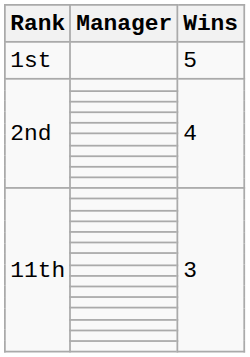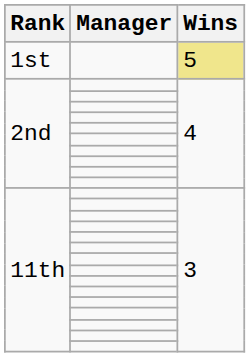 <table class="wikitable">
 <tr>
 <th>Rank</th>
 <th>Manager</th>
 <th>Wins</th>
 </tr>
 <tr>
 <td rowspan="1">1st</td>
 <td> </td>
-<td rowspan="1">5</td>
+<td rowspan="1" style="background: khaki;">5</td>
 </tr>
 <tr>
 <td rowspan="10">2nd</td>
 <td> </td>
 <td rowspan="10">4</td>
 </tr>
 <tr>
 <td> </td>
 </tr>
 <tr>
 <td> </td>
 </tr>
 <tr>
 <td> </td>
 </tr>
 <tr>
 <td> </td>
 </tr>
 <tr>
 <td> </td>
 </tr>
 <tr>
 <td> </td>
 </tr>
 <tr>
 <td> </td>
 </tr>
 <tr>
 <td> </td>
 </tr>
 <tr>
 <td> </td>
 </tr>
 <tr>
 <td rowspan="15">11th</td>
 <td> </td>
 <td rowspan="15">3</td>
 </tr>
 <tr>
 <td> </td>
 </tr>
 <tr>
 <td> </td>
 </tr>
 <tr>
 <td> </td>
 </tr>
 <tr>
 <td> </td>
 </tr>
 <tr>
 <td> </td>
 </tr>
 <tr>
 <td> </td>
 </tr>
 <tr>
 <td> </td>
 </tr>
 <tr>
 <td> </td>
 </tr>
 <tr>
 <td> </td>
 </tr>
 <tr>
 <td> </td>
 </tr>
 <tr>
 <td> </td>
 </tr>
 <tr>
 <td> </td>
 </tr>
 <tr>
 <td> </td>
 </tr>
 <tr>
 <td> </td>
 </tr>
 </table>
